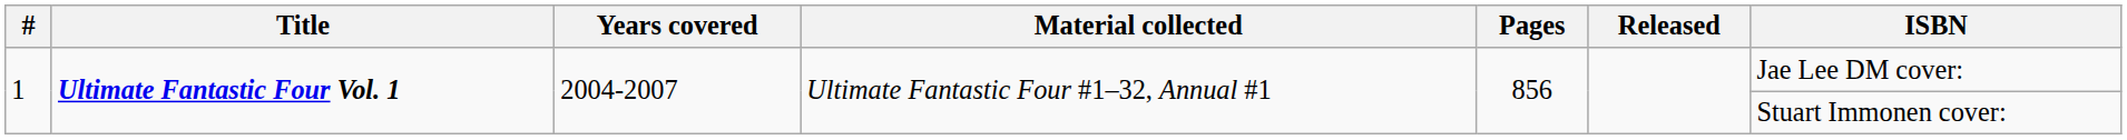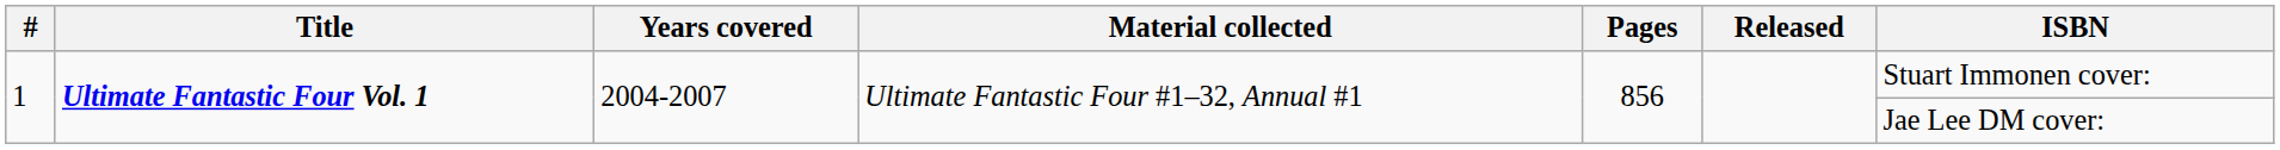 <table class="wikitable sortable" width=99%>
 <tr>
 <th class="unsortable" width=20px>#</th>
 <th>Title</th>
 <th>Years covered</th>
 <th class="unsortable">Material collected</th>
 <th>Pages</th>
 <th>Released</th>
 <th class="unsortable">ISBN</th>
 </tr>
 <tr>
 <td rowspan=2>1</td>
 <td rowspan=2><strong><em><a href='#'>Ultimate Fantastic Four</a> Vol. 1</em></strong></td>
 <td rowspan=2>2004-2007</td>
 <td rowspan=2><em>Ultimate Fantastic Four</em> #1–32, <em>Annual</em> #1</td>
 <td style="text-align: center;" rowspan=2>856</td>
 <td rowspan=2></td>
+<td>Stuart Immonen cover: </td>
+</tr>
+<tr>
 <td>Jae Lee DM cover: </td>
 </tr>
-<tr>
-<td>Stuart Immonen cover: </td>
-</tr>
 </table>
